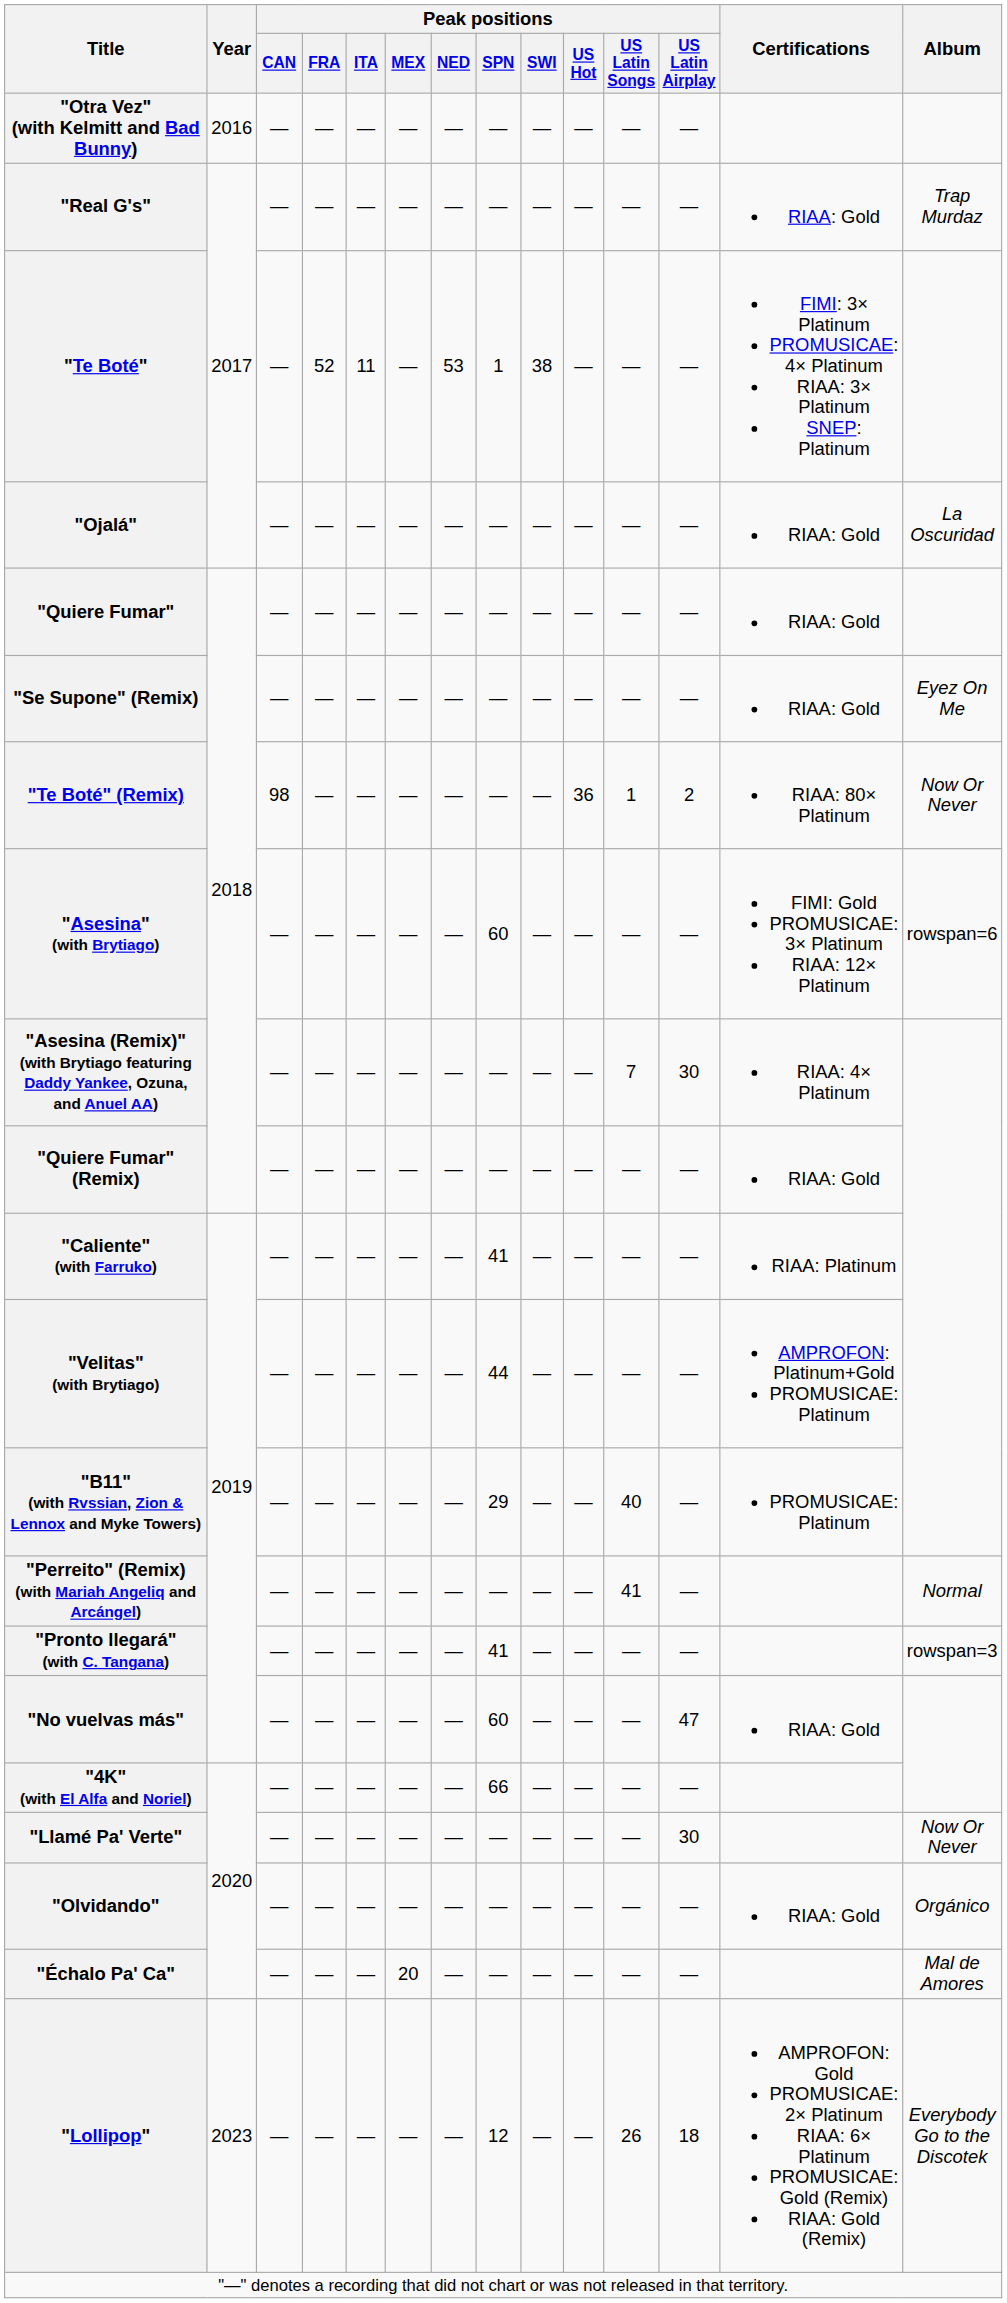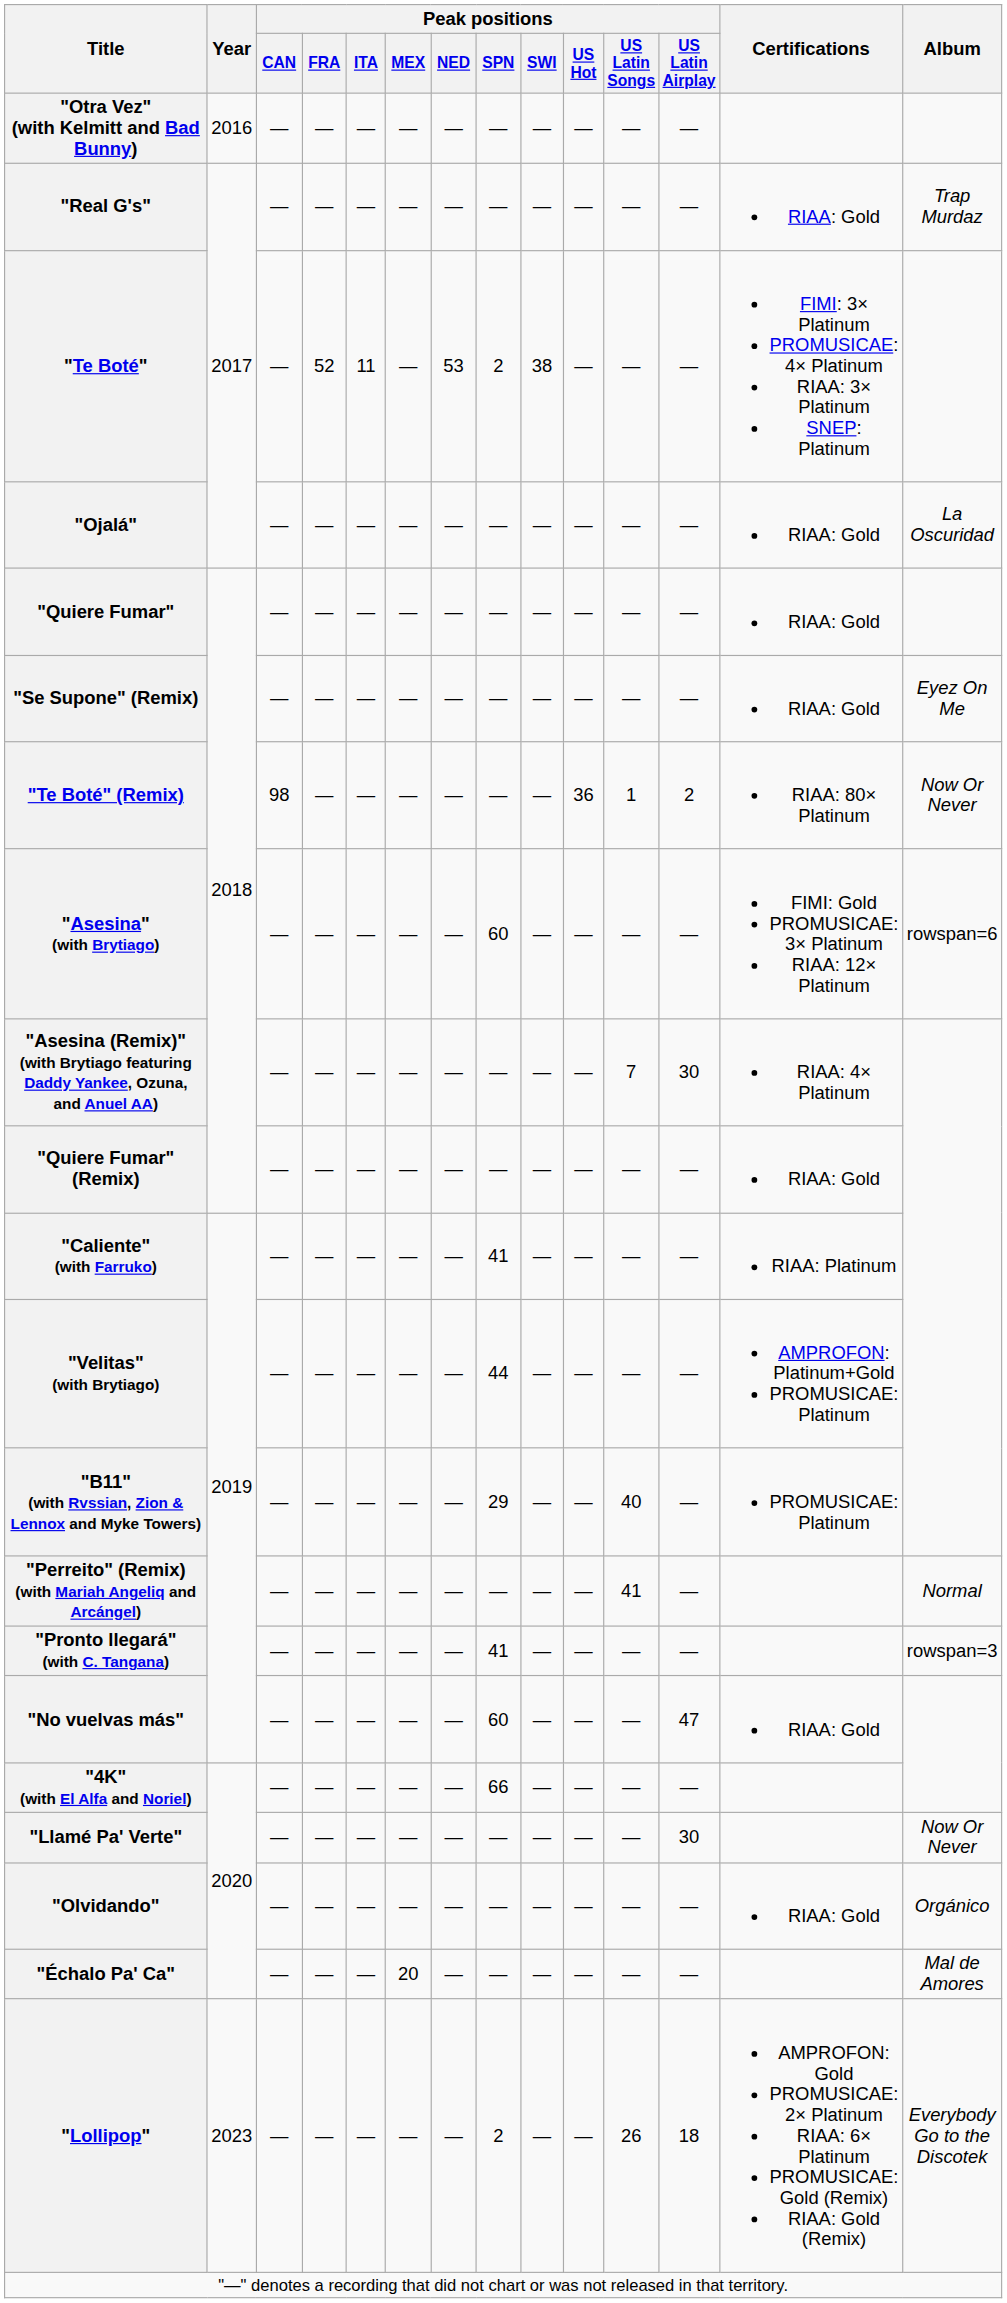 <table class="wikitable plainrowheaders" style="text-align:center">
 <tr>
 <th scope="col" rowspan="2" style="width:20em;">Title</th>
 <th scope="col" rowspan="2">Year</th>
 <th scope="col" colspan="10">Peak positions</th>
 <th scope="col" rowspan="2">Certifications</th>
 <th scope="col" rowspan="2">Album</th>
 </tr>
 <tr>
 <th scope="col" style="width:3em;font-size:85%;"><a href='#'>CAN</a><br></th>
 <th scope="col" style="width:3em;font-size:85%;"><a href='#'>FRA</a><br></th>
 <th scope="col" style="width:3em;font-size:85%;"><a href='#'>ITA</a><br></th>
 <th scope="col" style="width:3em;font-size:85%;"><a href='#'>MEX</a><br></th>
 <th scope="col" style="width:3em;font-size:85%;"><a href='#'>NED</a><br></th>
 <th scope="col" style="width:3em;font-size:85%;"><a href='#'>SPN</a><br></th>
 <th scope="col" style="width:3em;font-size:85%;"><a href='#'>SWI</a><br></th>
 <th scope="col" style="width:3em;font-size:85%;"><a href='#'>US<br>Hot</a><br></th>
 <th scope="col" style="width:3em;font-size:85%;"><a href='#'>US<br>Latin<br>Songs</a><br></th>
 <th scope="col" style="width:3em;font-size:85%;"><a href='#'>US<br>Latin<br>Airplay</a><br></th>
 </tr>
 <tr>
 <th scope="row">"Otra Vez"<br><span>(with Kelmitt and <a href='#'>Bad Bunny</a>)</span></th>
 <td>2016</td>
 <td>—</td>
 <td>—</td>
 <td>—</td>
 <td>—</td>
 <td>—</td>
 <td>—</td>
 <td>—</td>
 <td>—</td>
 <td>—</td>
 <td>—</td>
 <td></td>
 <td></td>
 </tr>
 <tr>
 <th scope="row">"Real G's"<br></th>
 <td rowspan=3>2017</td>
 <td>—</td>
 <td>—</td>
 <td>—</td>
 <td>—</td>
 <td>—</td>
 <td>—</td>
 <td>—</td>
 <td>—</td>
 <td>—</td>
 <td>—</td>
 <td><br><ul><li><a href='#'>RIAA</a>: Gold </li></ul></td>
 <td><em>Trap Murdaz</em></td>
 </tr>
 <tr>
 <th scope="row">"<a href='#'>Te Boté</a>"<br></th>
 <td>—</td>
 <td>52</td>
 <td>11</td>
 <td>—</td>
 <td>53</td>
-<td>1</td>
+<td>2</td>
 <td>38</td>
 <td>—</td>
 <td>—</td>
 <td>—</td>
 <td><br><ul><li><a href='#'>FIMI</a>: 3× Platinum</li><li><a href='#'>PROMUSICAE</a>: 4× Platinum</li><li>RIAA: 3× Platinum </li><li><a href='#'>SNEP</a>: Platinum</li></ul></td>
 <td></td>
 </tr>
 <tr>
 <th scope="row">"Ojalá"<br></th>
 <td>—</td>
 <td>—</td>
 <td>—</td>
 <td>—</td>
 <td>—</td>
 <td>—</td>
 <td>—</td>
 <td>—</td>
 <td>—</td>
 <td>—</td>
 <td><br><ul><li>RIAA: Gold </li></ul></td>
 <td><em>La Oscuridad</em></td>
 </tr>
 <tr>
 <th scope="row">"Quiere Fumar"<br></th>
 <td rowspan=6>2018</td>
 <td>—</td>
 <td>—</td>
 <td>—</td>
 <td>—</td>
 <td>—</td>
 <td>—</td>
 <td>—</td>
 <td>—</td>
 <td>—</td>
 <td>—</td>
 <td><br><ul><li>RIAA: Gold </li></ul></td>
 <td></td>
 </tr>
 <tr>
 <th scope="row">"Se Supone" (Remix)<br></th>
 <td>—</td>
 <td>—</td>
 <td>—</td>
 <td>—</td>
 <td>—</td>
 <td>—</td>
 <td>—</td>
 <td>—</td>
 <td>—</td>
 <td>—</td>
 <td><br><ul><li>RIAA: Gold </li></ul></td>
 <td><em>Eyez On Me</em></td>
 </tr>
 <tr>
 <th scope="row"><a href='#'>"Te Boté" (Remix)</a><br></th>
 <td>98</td>
 <td>—</td>
 <td>—</td>
 <td>—</td>
 <td>—</td>
 <td>—</td>
 <td>—</td>
 <td>36</td>
 <td>1</td>
 <td>2</td>
 <td><br><ul><li>RIAA: 80× Platinum </li></ul></td>
 <td><em>Now Or Never</em></td>
 </tr>
 <tr>
 <th scope="row">"<a href='#'>Asesina</a>"<br><small>(with <a href='#'>Brytiago</a>)</small></th>
 <td>—</td>
 <td>—</td>
 <td>—</td>
 <td>—</td>
 <td>—</td>
 <td>60</td>
 <td>—</td>
 <td>—</td>
 <td>—</td>
 <td>—</td>
 <td><br><ul><li>FIMI: Gold</li><li>PROMUSICAE: 3× Platinum</li><li>RIAA: 12× Platinum </li></ul></td>
 <td>rowspan=6 </td>
 </tr>
 <tr>
 <th scope="row">"Asesina (Remix)"<br><small>(with Brytiago featuring <a href='#'>Daddy Yankee</a>, Ozuna, and <a href='#'>Anuel AA</a>)</small></th>
 <td>—</td>
 <td>—</td>
 <td>—</td>
 <td>—</td>
 <td>—</td>
 <td>—</td>
 <td>—</td>
 <td>—</td>
 <td>7</td>
 <td>30</td>
 <td><br><ul><li>RIAA: 4× Platinum </li></ul></td>
 </tr>
 <tr>
 <th scope="row">"Quiere Fumar" (Remix)<br></th>
 <td>—</td>
 <td>—</td>
 <td>—</td>
 <td>—</td>
 <td>—</td>
 <td>—</td>
 <td>—</td>
 <td>—</td>
 <td>—</td>
 <td>—</td>
 <td><br><ul><li>RIAA: Gold </li></ul></td>
 </tr>
 <tr>
 <th scope="row">"Caliente"<br><small>(with <a href='#'>Farruko</a>)</small></th>
 <td rowspan=6>2019</td>
 <td>—</td>
 <td>—</td>
 <td>—</td>
 <td>—</td>
 <td>—</td>
 <td>41</td>
 <td>—</td>
 <td>—</td>
 <td>—</td>
 <td>—</td>
 <td><br><ul><li>RIAA: Platinum </li></ul></td>
 </tr>
 <tr>
 <th scope="row">"Velitas"<br><small>(with Brytiago)</small></th>
 <td>—</td>
 <td>—</td>
 <td>—</td>
 <td>—</td>
 <td>—</td>
 <td>44</td>
 <td>—</td>
 <td>—</td>
 <td>—</td>
 <td>—</td>
 <td><br><ul><li><a href='#'>AMPROFON</a>: Platinum+Gold</li><li>PROMUSICAE: Platinum</li></ul></td>
 </tr>
 <tr>
 <th scope="row">"B11"<br><small>(with <a href='#'>Rvssian</a>, <a href='#'>Zion & Lennox</a> and Myke Towers)</small></th>
 <td>—</td>
 <td>—</td>
 <td>—</td>
 <td>—</td>
 <td>—</td>
 <td>29</td>
 <td>—</td>
 <td>—</td>
 <td>40</td>
 <td>—</td>
 <td><br><ul><li>PROMUSICAE: Platinum</li></ul></td>
 </tr>
 <tr>
 <th scope="row">"Perreito" (Remix)<br><small>(with <a href='#'>Mariah Angeliq</a> and <a href='#'>Arcángel</a>)</small></th>
 <td>—</td>
 <td>—</td>
 <td>—</td>
 <td>—</td>
 <td>—</td>
 <td>—</td>
 <td>—</td>
 <td>—</td>
 <td>41</td>
 <td>—</td>
 <td></td>
 <td><em>Normal</em></td>
 </tr>
 <tr>
 <th scope="row">"Pronto llegará"<br><small>(with <a href='#'>C. Tangana</a>)</small></th>
 <td>—</td>
 <td>—</td>
 <td>—</td>
 <td>—</td>
 <td>—</td>
 <td>41</td>
 <td>—</td>
 <td>—</td>
 <td>—</td>
 <td>—</td>
 <td></td>
 <td>rowspan=3 </td>
 </tr>
 <tr>
 <th scope="row">"No vuelvas más"</th>
 <td>—</td>
 <td>—</td>
 <td>—</td>
 <td>—</td>
 <td>—</td>
 <td>60</td>
 <td>—</td>
 <td>—</td>
 <td>—</td>
 <td>47</td>
 <td><br><ul><li>RIAA: Gold </li></ul></td>
 </tr>
 <tr>
 <th scope="row">"4K"<br><small>(with <a href='#'>El Alfa</a> and <a href='#'>Noriel</a>)</small></th>
 <td rowspan=4>2020</td>
 <td>—</td>
 <td>—</td>
 <td>—</td>
 <td>—</td>
 <td>—</td>
 <td>66</td>
 <td>—</td>
 <td>—</td>
 <td>—</td>
 <td>—</td>
 <td></td>
 </tr>
 <tr>
 <th scope="row">"Llamé Pa' Verte"<br></th>
 <td>—</td>
 <td>—</td>
 <td>—</td>
 <td>—</td>
 <td>—</td>
 <td>—</td>
 <td>—</td>
 <td>—</td>
 <td>—</td>
 <td>30</td>
 <td></td>
 <td><em>Now Or Never</em></td>
 </tr>
 <tr>
 <th scope="row">"Olvidando"<br></th>
 <td>—</td>
 <td>—</td>
 <td>—</td>
 <td>—</td>
 <td>—</td>
 <td>—</td>
 <td>—</td>
 <td>—</td>
 <td>—</td>
 <td>—</td>
 <td><br><ul><li>RIAA: Gold </li></ul></td>
 <td><em>Orgánico</em></td>
 </tr>
 <tr>
 <th scope="row">"Échalo Pa' Ca"<br></th>
 <td>—</td>
 <td>—</td>
 <td>—</td>
 <td>20</td>
 <td>—</td>
 <td>—</td>
 <td>—</td>
 <td>—</td>
 <td>—</td>
 <td>—</td>
 <td></td>
 <td><em>Mal de Amores</em></td>
 </tr>
 <tr>
 <th scope="row">"<a href='#'>Lollipop</a>"<br></th>
 <td>2023</td>
 <td>—</td>
 <td>—</td>
 <td>—</td>
 <td>—</td>
 <td>—</td>
-<td>12</td>
+<td>2</td>
 <td>—</td>
 <td>—</td>
 <td>26</td>
 <td>18</td>
 <td><br><ul><li>AMPROFON: Gold</li><li>PROMUSICAE: 2× Platinum</li><li>RIAA: 6× Platinum </li><li>PROMUSICAE: Gold (Remix)</li><li>RIAA: Gold (Remix) </li></ul></td>
 <td><em>Everybody Go to the Discotek</em></td>
 </tr>
 <tr>
 <td colspan="15" style="font-size:90%">"—" denotes a recording that did not chart or was not released in that territory.</td>
 </tr>
 </table>
